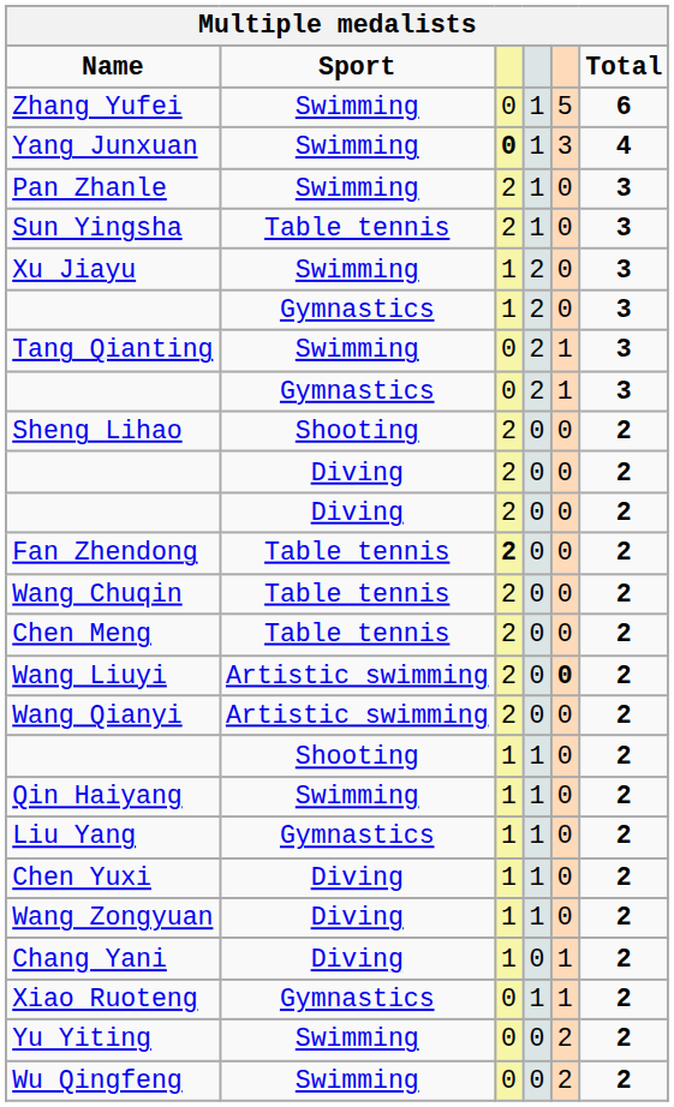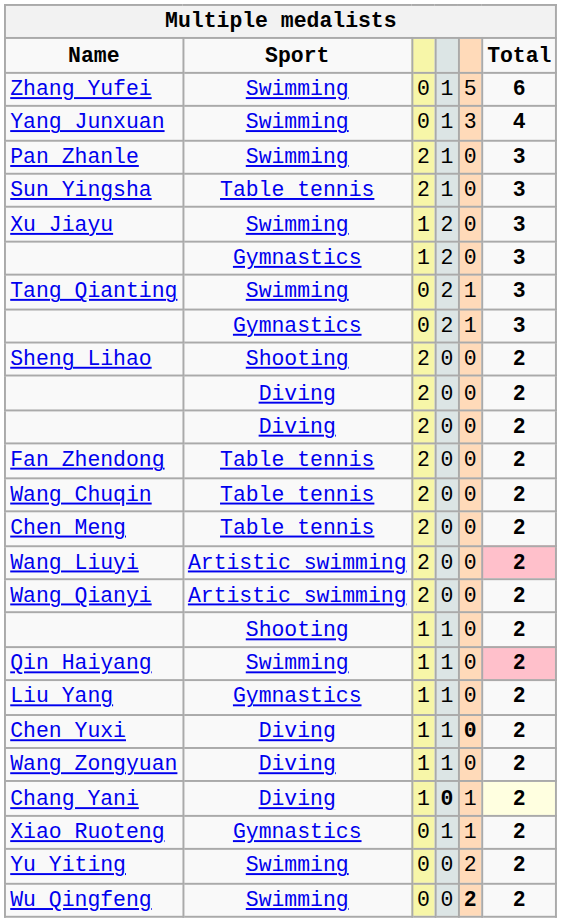 <table class="wikitable" style="font-size:85%">
 <tr style="background:#efefef;">
 <th colspan=7>Multiple medalists</th>
 </tr>
 <tr align=center>
 <td><strong>Name</strong></td>
 <td><strong>Sport</strong></td>
 <td bgcolor=#F7F6A8></td>
 <td bgcolor=#DCE5E5></td>
 <td bgcolor=#FFDAB9></td>
 <td><strong>Total</strong></td>
 </tr>
 <tr align=center>
 <td align=left><a href='#'>Zhang Yufei</a></td>
 <td><a href='#'>Swimming</a></td>
 <td style="background:#F7F6A8;">0</td>
 <td style="background:#DCE5E5;">1</td>
 <td style="background:#FFDAB9;">5</td>
 <td><strong>6</strong></td>
 </tr>
 <tr align=center>
 <td align=left><a href='#'>Yang Junxuan</a></td>
 <td><a href='#'>Swimming</a></td>
-<td style="background:#F7F6A8;"><strong>0</strong></td>
+<td style="background:#F7F6A8;">0</td>
 <td style="background:#DCE5E5;">1</td>
 <td style="background:#FFDAB9;">3</td>
 <td><strong>4</strong></td>
 </tr>
 <tr align=center>
 <td align=left><a href='#'>Pan Zhanle</a></td>
 <td><a href='#'>Swimming</a></td>
 <td style="background:#F7F6A8;">2</td>
 <td style="background:#DCE5E5;">1</td>
 <td style="background:#FFDAB9;">0</td>
 <td><strong>3</strong></td>
 </tr>
 <tr align=center>
 <td align=left><a href='#'>Sun Yingsha</a></td>
 <td><a href='#'>Table tennis</a></td>
 <td style="background:#F7F6A8;">2</td>
 <td style="background:#DCE5E5;">1</td>
 <td style="background:#FFDAB9;">0</td>
 <td><strong>3</strong></td>
 </tr>
 <tr align=center>
 <td align=left><a href='#'>Xu Jiayu</a></td>
 <td><a href='#'>Swimming</a></td>
 <td style="background:#F7F6A8;">1</td>
 <td style="background:#DCE5E5;">2</td>
 <td style="background:#FFDAB9;">0</td>
 <td><strong>3</strong></td>
 </tr>
 <tr align=center>
 <td align=left></td>
 <td><a href='#'>Gymnastics</a></td>
 <td style="background:#F7F6A8;">1</td>
 <td style="background:#DCE5E5;">2</td>
 <td style="background:#FFDAB9;">0</td>
 <td><strong>3</strong></td>
 </tr>
 <tr align=center>
 <td align=left><a href='#'>Tang Qianting</a></td>
 <td><a href='#'>Swimming</a></td>
 <td style="background:#F7F6A8;">0</td>
 <td style="background:#DCE5E5;">2</td>
 <td style="background:#FFDAB9;">1</td>
 <td><strong>3</strong></td>
 </tr>
 <tr align=center>
 <td align=left></td>
 <td><a href='#'>Gymnastics</a></td>
 <td style="background:#F7F6A8;">0</td>
 <td style="background:#DCE5E5;">2</td>
 <td style="background:#FFDAB9;">1</td>
 <td><strong>3</strong></td>
 </tr>
 <tr align=center>
 <td align=left><a href='#'>Sheng Lihao</a></td>
 <td><a href='#'>Shooting</a></td>
 <td style="background:#F7F6A8;">2</td>
 <td style="background:#DCE5E5;">0</td>
 <td style="background:#FFDAB9;">0</td>
 <td><strong>2</strong></td>
 </tr>
 <tr align=center>
 <td align=left></td>
 <td><a href='#'>Diving</a></td>
 <td style="background:#F7F6A8;">2</td>
 <td style="background:#DCE5E5;">0</td>
 <td style="background:#FFDAB9;">0</td>
 <td><strong>2</strong></td>
 </tr>
 <tr align=center>
 <td align=left></td>
 <td><a href='#'>Diving</a></td>
 <td style="background:#F7F6A8;">2</td>
 <td style="background:#DCE5E5;">0</td>
 <td style="background:#FFDAB9;">0</td>
 <td><strong>2</strong></td>
 </tr>
 <tr align=center>
 <td align=left><a href='#'>Fan Zhendong</a></td>
 <td><a href='#'>Table tennis</a></td>
-<td style="background:#F7F6A8;"><strong>2</strong></td>
+<td style="background:#F7F6A8;">2</td>
 <td style="background:#DCE5E5;">0</td>
 <td style="background:#FFDAB9;">0</td>
 <td><strong>2</strong></td>
 </tr>
 <tr align=center>
 <td align=left><a href='#'>Wang Chuqin</a></td>
 <td><a href='#'>Table tennis</a></td>
 <td style="background:#F7F6A8;">2</td>
 <td style="background:#DCE5E5;">0</td>
 <td style="background:#FFDAB9;">0</td>
 <td><strong>2</strong></td>
 </tr>
 <tr align=center>
 <td align=left><a href='#'>Chen Meng</a></td>
 <td><a href='#'>Table tennis</a></td>
 <td style="background:#F7F6A8;">2</td>
 <td style="background:#DCE5E5;">0</td>
 <td style="background:#FFDAB9;">0</td>
 <td><strong>2</strong></td>
 </tr>
 <tr align=center>
 <td align=left><a href='#'>Wang Liuyi</a></td>
 <td><a href='#'>Artistic swimming</a></td>
 <td style="background:#F7F6A8;">2</td>
 <td style="background:#DCE5E5;">0</td>
-<td style="background:#FFDAB9;"><strong>0</strong></td>
-<td><strong>2</strong></td>
+<td style="background:#FFDAB9;">0</td>
+<td style="background: pink;"><strong>2</strong></td>
 </tr>
 <tr align=center>
 <td align=left><a href='#'>Wang Qianyi</a></td>
 <td><a href='#'>Artistic swimming</a></td>
 <td style="background:#F7F6A8;">2</td>
 <td style="background:#DCE5E5;">0</td>
 <td style="background:#FFDAB9;">0</td>
 <td><strong>2</strong></td>
 </tr>
 <tr align=center>
 <td align=left></td>
 <td><a href='#'>Shooting</a></td>
 <td style="background:#F7F6A8;">1</td>
 <td style="background:#DCE5E5;">1</td>
 <td style="background:#FFDAB9;">0</td>
 <td><strong>2</strong></td>
 </tr>
 <tr align=center>
 <td align=left><a href='#'>Qin Haiyang</a></td>
 <td><a href='#'>Swimming</a></td>
 <td style="background:#F7F6A8;">1</td>
 <td style="background:#DCE5E5;">1</td>
 <td style="background:#FFDAB9;">0</td>
-<td><strong>2</strong></td>
+<td style="background: pink;"><strong>2</strong></td>
 </tr>
 <tr align=center>
 <td align=left><a href='#'>Liu Yang</a></td>
 <td><a href='#'>Gymnastics</a></td>
 <td style="background:#F7F6A8;">1</td>
 <td style="background:#DCE5E5;">1</td>
 <td style="background:#FFDAB9;">0</td>
 <td><strong>2</strong></td>
 </tr>
 <tr align=center>
 <td align=left><a href='#'>Chen Yuxi</a></td>
 <td><a href='#'>Diving</a></td>
 <td style="background:#F7F6A8;">1</td>
 <td style="background:#DCE5E5;">1</td>
-<td style="background:#FFDAB9;">0</td>
+<td style="background:#FFDAB9;"><strong>0</strong></td>
 <td><strong>2</strong></td>
 </tr>
 <tr align=center>
 <td align=left><a href='#'>Wang Zongyuan</a></td>
 <td><a href='#'>Diving</a></td>
 <td style="background:#F7F6A8;">1</td>
 <td style="background:#DCE5E5;">1</td>
 <td style="background:#FFDAB9;">0</td>
 <td><strong>2</strong></td>
 </tr>
 <tr align=center>
 <td align=left><a href='#'>Chang Yani</a></td>
 <td><a href='#'>Diving</a></td>
 <td style="background:#F7F6A8;">1</td>
-<td style="background:#DCE5E5;">0</td>
+<td style="background:#DCE5E5;"><strong>0</strong></td>
 <td style="background:#FFDAB9;">1</td>
-<td><strong>2</strong></td>
+<td style="background: lightyellow;"><strong>2</strong></td>
 </tr>
 <tr align=center>
 <td align=left><a href='#'>Xiao Ruoteng</a></td>
 <td><a href='#'>Gymnastics</a></td>
 <td style="background:#F7F6A8;">0</td>
 <td style="background:#DCE5E5;">1</td>
 <td style="background:#FFDAB9;">1</td>
 <td><strong>2</strong></td>
 </tr>
 <tr align=center>
 <td align=left><a href='#'>Yu Yiting</a></td>
 <td><a href='#'>Swimming</a></td>
 <td style="background:#F7F6A8;">0</td>
 <td style="background:#DCE5E5;">0</td>
 <td style="background:#FFDAB9;">2</td>
 <td><strong>2</strong></td>
 </tr>
 <tr align=center>
 <td align=left><a href='#'>Wu Qingfeng</a></td>
 <td><a href='#'>Swimming</a></td>
 <td style="background:#F7F6A8;">0</td>
 <td style="background:#DCE5E5;">0</td>
-<td style="background:#FFDAB9;">2</td>
+<td style="background:#FFDAB9;"><strong>2</strong></td>
 <td><strong>2</strong></td>
 </tr>
 </table>
